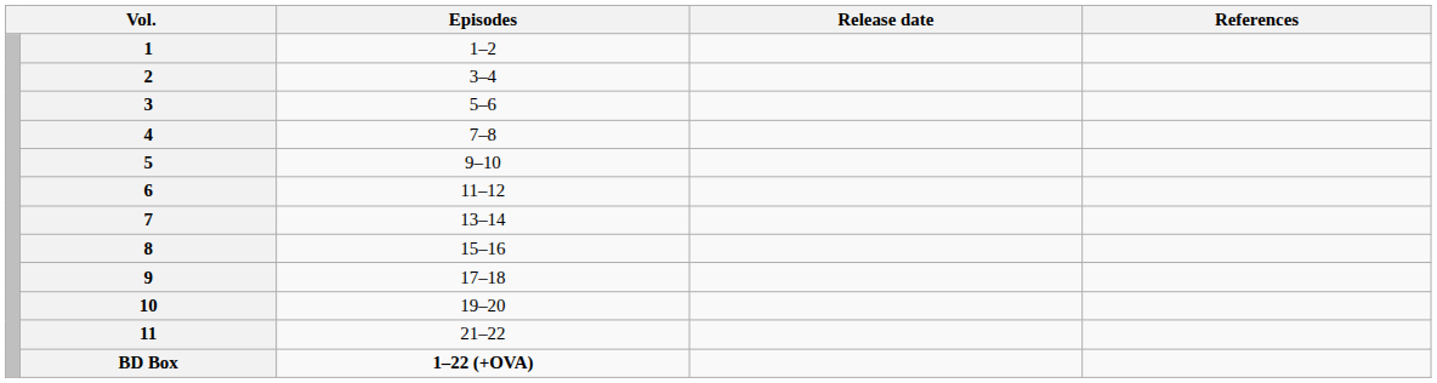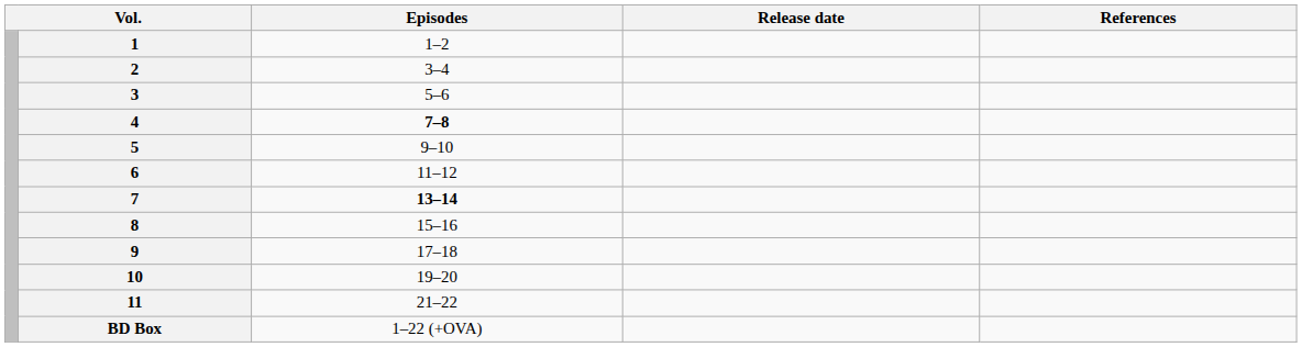 <table class="wikitable" style="text-align: center; width: 100%;">
 <tr>
 <th colspan="2" scope=colgroup>Vol.</th>
 <th scope=col>Episodes</th>
 <th scope=col>Release date</th>
 <th scope=col>References</th>
 </tr>
 <tr>
 <td rowspan="12" width="1%" style="background: #bfbfbf;"></td>
 <th scope=row>1</th>
 <td>1–2</td>
 <td></td>
 <td></td>
 </tr>
 <tr>
 <th scope=row>2</th>
 <td>3–4</td>
 <td></td>
 <td></td>
 </tr>
 <tr>
 <th scope=row>3</th>
 <td>5–6</td>
 <td></td>
 <td></td>
 </tr>
 <tr>
 <th scope=row>4</th>
-<td>7–8</td>
+<td><strong>7–8</strong></td>
 <td></td>
 <td></td>
 </tr>
 <tr>
 <th scope=row>5</th>
 <td>9–10</td>
 <td></td>
 <td></td>
 </tr>
 <tr>
 <th scope=row>6</th>
 <td>11–12</td>
 <td></td>
 <td></td>
 </tr>
 <tr>
 <th scope=row>7</th>
-<td>13–14</td>
+<td><strong>13–14</strong></td>
 <td></td>
 <td></td>
 </tr>
 <tr>
 <th scope=row>8</th>
 <td>15–16</td>
 <td></td>
 <td></td>
 </tr>
 <tr>
 <th scope=row>9</th>
 <td>17–18</td>
 <td></td>
 <td></td>
 </tr>
 <tr>
 <th scope=row>10</th>
 <td>19–20</td>
 <td></td>
 <td></td>
 </tr>
 <tr>
 <th scope=row>11</th>
 <td>21–22</td>
 <td></td>
 <td></td>
 </tr>
 <tr>
 <th scope=row>BD Box</th>
-<td><strong>1–22 (+OVA)</strong></td>
+<td>1–22 (+OVA)</td>
 <td></td>
 <td></td>
 </tr>
 </table>
